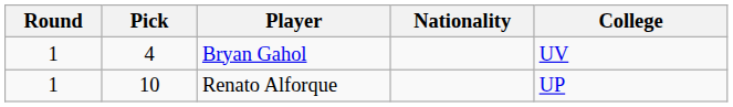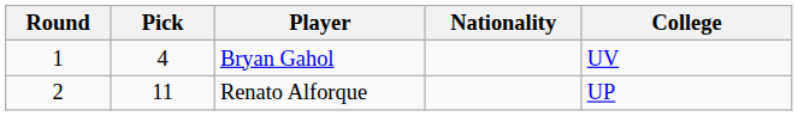 <table class="wikitable sortable sortable">
 <tr>
 <th width="10%">Round</th>
 <th width="10%">Pick</th>
 <th width="20%">Player</th>
 <th width="15%">Nationality</th>
 <th width="20%">College</th>
 </tr>
 <tr>
 <td align="center">1</td>
 <td align="center">4</td>
 <td><a href='#'>Bryan Gahol</a></td>
 <td></td>
 <td><a href='#'>UV</a></td>
 </tr>
 <tr>
-<td align="center">1</td>
-<td align="center">10</td>
+<td align="center">2</td>
+<td align="center">11</td>
 <td>Renato Alforque</td>
 <td></td>
 <td><a href='#'>UP</a></td>
 </tr>
 </table>
